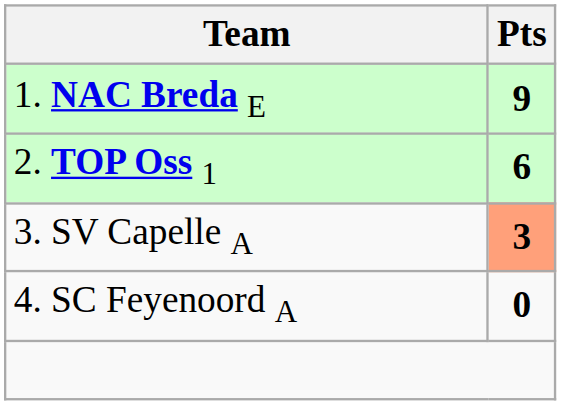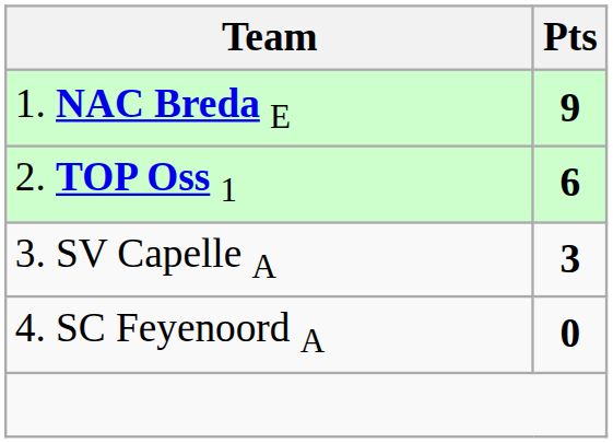 <table class="wikitable" style="text-align:center; float:left; margin-right:1em">
 <tr>
 <th style="width:200px">Team</th>
 <th width=20>Pts</th>
 </tr>
 <tr bgcolor=ccffcc>
 <td align=left>1. <strong><a href='#'>NAC Breda</a></strong> <sub>E</sub></td>
 <td><strong>9</strong></td>
 </tr>
 <tr bgcolor=ccffcc>
 <td align=left>2. <strong><a href='#'>TOP Oss</a></strong> <sub>1</sub></td>
 <td><strong>6</strong></td>
 </tr>
 <tr>
 <td align=left>3. SV Capelle <sub>A</sub></td>
-<td style="background: lightsalmon;"><strong>3</strong></td>
+<td><strong>3</strong></td>
 </tr>
 <tr>
 <td align=left>4. SC Feyenoord <sub>A</sub></td>
 <td><strong>0</strong></td>
 </tr>
 <tr>
 <td colspan=2> </td>
 </tr>
 </table>
